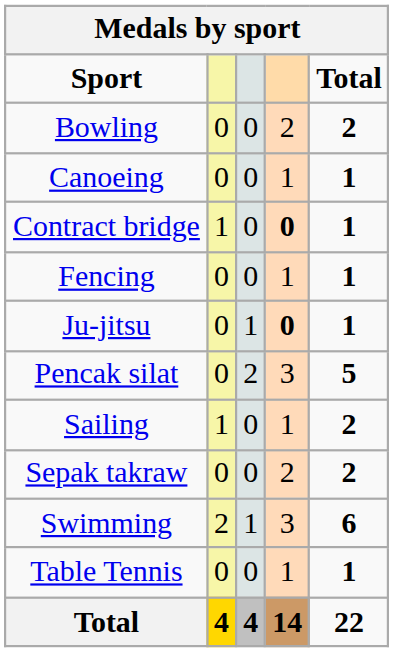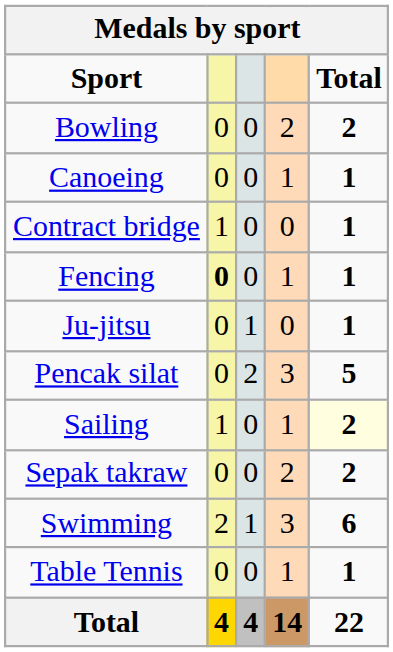 <table class=wikitable style="font-size:85%; float:right;text-align:center">
 <tr bgcolor=EFEFEF>
 <th colspan=7>Medals by sport</th>
 </tr>
 <tr>
 <td><strong>Sport</strong></td>
 <td bgcolor=F7F6A8></td>
 <td bgcolor=DCE5E5></td>
 <td bgcolor=FFDBA9></td>
 <td><strong>Total</strong></td>
 </tr>
 <tr>
 <td><a href='#'>Bowling</a></td>
 <td bgcolor=F7F6A8>0</td>
 <td bgcolor=DCE5E5>0</td>
 <td bgcolor=FFDAB9>2</td>
 <td><strong>2</strong></td>
 </tr>
 <tr>
 <td><a href='#'>Canoeing</a></td>
 <td bgcolor=F7F6A8>0</td>
 <td bgcolor=DCE5E5>0</td>
 <td bgcolor=FFDAB9>1</td>
 <td><strong>1</strong></td>
 </tr>
 <tr>
 <td><a href='#'>Contract bridge</a></td>
 <td bgcolor=F7F6A8>1</td>
 <td bgcolor=DCE5E5>0</td>
-<td bgcolor=FFDAB9><strong>0</strong></td>
+<td bgcolor=FFDAB9>0</td>
 <td><strong>1</strong></td>
 </tr>
 <tr>
 <td><a href='#'>Fencing</a></td>
-<td bgcolor=F7F6A8>0</td>
+<td bgcolor=F7F6A8><strong>0</strong></td>
 <td bgcolor=DCE5E5>0</td>
 <td bgcolor=FFDAB9>1</td>
 <td><strong>1</strong></td>
 </tr>
 <tr>
 <td><a href='#'>Ju-jitsu</a></td>
 <td bgcolor=F7F6A8>0</td>
 <td bgcolor=DCE5E5>1</td>
-<td bgcolor=FFDAB9><strong>0</strong></td>
+<td bgcolor=FFDAB9>0</td>
 <td><strong>1</strong></td>
 </tr>
 <tr>
 <td><a href='#'>Pencak silat</a></td>
 <td bgcolor=F7F6A8>0</td>
 <td bgcolor=DCE5E5>2</td>
 <td bgcolor=FFDAB9>3</td>
 <td><strong>5</strong></td>
 </tr>
 <tr>
 <td><a href='#'>Sailing</a></td>
 <td bgcolor=F7F6A8>1</td>
 <td bgcolor=DCE5E5>0</td>
 <td bgcolor=FFDAB9>1</td>
-<td><strong>2</strong></td>
+<td style="background: lightyellow;"><strong>2</strong></td>
 </tr>
 <tr>
 <td><a href='#'>Sepak takraw</a></td>
 <td bgcolor=F7F6A8>0</td>
 <td bgcolor=DCE5E5>0</td>
 <td bgcolor=FFDAB9>2</td>
 <td><strong>2</strong></td>
 </tr>
 <tr>
 <td><a href='#'>Swimming</a></td>
 <td bgcolor=F7F6A8>2</td>
 <td bgcolor=DCE5E5>1</td>
 <td bgcolor=FFDAB9>3</td>
 <td><strong>6</strong></td>
 </tr>
 <tr>
 <td><a href='#'>Table Tennis</a></td>
 <td bgcolor=F7F6A8>0</td>
 <td bgcolor=DCE5E5>0</td>
 <td bgcolor=FFDAB9>1</td>
 <td><strong>1</strong></td>
 </tr>
 <tr>
 <th>Total</th>
 <td style="background:gold;"><strong>4</strong></td>
 <td style="background:silver;"><strong>4</strong></td>
 <td style="background:#c96;"><strong>14</strong></td>
 <td><strong>22</strong></td>
 </tr>
 </table>
